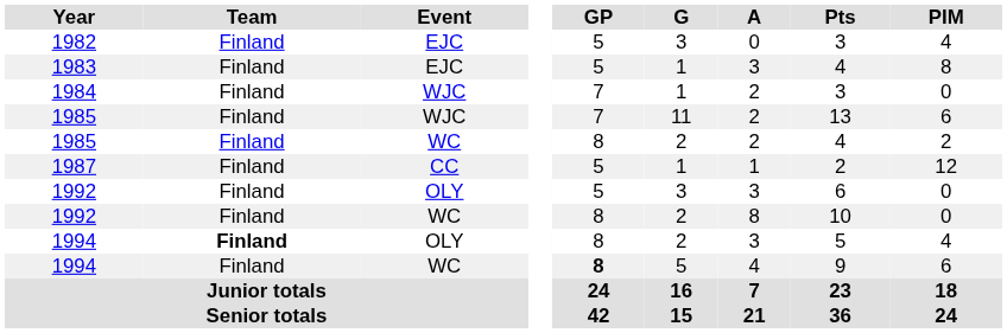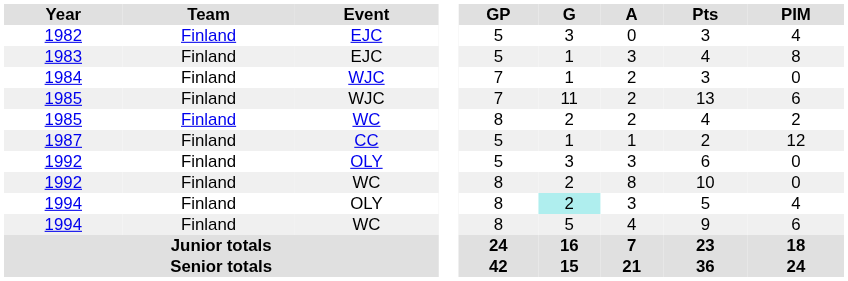 <table border="0" cellpadding="1" cellspacing="0" style="text-align:center; width:50em">
 <tr ALIGN="center" bgcolor="#e0e0e0">
 <th>Year</th>
 <th>Team</th>
 <th>Event</th>
 <th rowspan="99" bgcolor="#ffffff"> </th>
 <th>GP</th>
 <th>G</th>
 <th>A</th>
 <th>Pts</th>
 <th>PIM</th>
 </tr>
 <tr>
 <td><a href='#'>1982</a></td>
 <td><a href='#'>Finland</a></td>
 <td><a href='#'>EJC</a></td>
 <td>5</td>
 <td>3</td>
 <td>0</td>
 <td>3</td>
 <td>4</td>
 </tr>
 <tr bgcolor="#f0f0f0">
 <td><a href='#'>1983</a></td>
 <td>Finland</td>
 <td>EJC</td>
 <td>5</td>
 <td>1</td>
 <td>3</td>
 <td>4</td>
 <td>8</td>
 </tr>
 <tr>
 <td><a href='#'>1984</a></td>
 <td>Finland</td>
 <td><a href='#'>WJC</a></td>
 <td>7</td>
 <td>1</td>
 <td>2</td>
 <td>3</td>
 <td>0</td>
 </tr>
 <tr bgcolor="#f0f0f0">
 <td><a href='#'>1985</a></td>
 <td>Finland</td>
 <td>WJC</td>
 <td>7</td>
 <td>11</td>
 <td>2</td>
 <td>13</td>
 <td>6</td>
 </tr>
 <tr>
 <td><a href='#'>1985</a></td>
 <td><a href='#'>Finland</a></td>
 <td><a href='#'>WC</a></td>
 <td>8</td>
 <td>2</td>
 <td>2</td>
 <td>4</td>
 <td>2</td>
 </tr>
 <tr bgcolor="#f0f0f0">
 <td><a href='#'>1987</a></td>
 <td>Finland</td>
 <td><a href='#'>CC</a></td>
 <td>5</td>
 <td>1</td>
 <td>1</td>
 <td>2</td>
 <td>12</td>
 </tr>
 <tr>
 <td><a href='#'>1992</a></td>
 <td>Finland</td>
 <td><a href='#'>OLY</a></td>
 <td>5</td>
 <td>3</td>
 <td>3</td>
 <td>6</td>
 <td>0</td>
 </tr>
 <tr bgcolor="#f0f0f0">
 <td><a href='#'>1992</a></td>
 <td>Finland</td>
 <td>WC</td>
 <td>8</td>
 <td>2</td>
 <td>8</td>
 <td>10</td>
 <td>0</td>
 </tr>
 <tr>
 <td><a href='#'>1994</a></td>
-<td><strong>Finland</strong></td>
+<td>Finland</td>
 <td>OLY</td>
 <td>8</td>
-<td>2</td>
+<td style="background: paleturquoise;">2</td>
 <td>3</td>
 <td>5</td>
 <td>4</td>
 </tr>
 <tr bgcolor="#f0f0f0">
 <td><a href='#'>1994</a></td>
 <td>Finland</td>
 <td>WC</td>
-<td><strong>8</strong></td>
+<td>8</td>
 <td>5</td>
 <td>4</td>
 <td>9</td>
 <td>6</td>
 </tr>
 <tr bgcolor="#e0e0e0">
 <th colspan=3>Junior totals</th>
 <th>24</th>
 <th>16</th>
 <th>7</th>
 <th>23</th>
 <th>18</th>
 </tr>
 <tr bgcolor="#e0e0e0">
 <th colspan=3>Senior totals</th>
 <th>42</th>
 <th>15</th>
 <th>21</th>
 <th>36</th>
 <th>24</th>
 </tr>
 </table>
